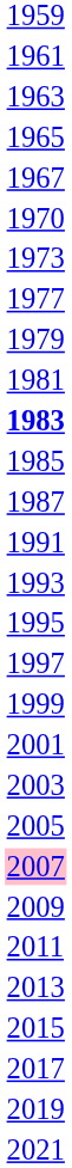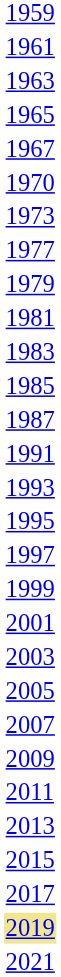 <table>
 <tr>
 <td><a href='#'>1959</a></td>
 <td></td>
 <td></td>
 <td></td>
 </tr>
 <tr>
 <td><a href='#'>1961</a></td>
 <td></td>
 <td></td>
 <td></td>
 </tr>
 <tr>
 <td><a href='#'>1963</a></td>
 <td></td>
 <td></td>
 <td></td>
 </tr>
 <tr>
 <td><a href='#'>1965</a></td>
 <td></td>
 <td></td>
 <td></td>
 </tr>
 <tr>
 <td><a href='#'>1967</a></td>
 <td></td>
 <td></td>
 <td></td>
 </tr>
 <tr>
 <td><a href='#'>1970</a></td>
 <td></td>
 <td></td>
 <td></td>
 </tr>
 <tr>
 <td><a href='#'>1973</a></td>
 <td></td>
 <td></td>
 <td></td>
 </tr>
 <tr>
 <td><a href='#'>1977</a></td>
 <td></td>
 <td></td>
 <td></td>
 </tr>
 <tr>
 <td><a href='#'>1979</a></td>
 <td></td>
 <td></td>
 <td></td>
 </tr>
 <tr>
 <td><a href='#'>1981</a></td>
 <td></td>
 <td></td>
 <td></td>
 </tr>
 <tr>
-<td><strong><a href='#'>1983</a></strong></td>
+<td><a href='#'>1983</a></td>
 <td></td>
 <td></td>
 <td></td>
 </tr>
 <tr>
 <td><a href='#'>1985</a></td>
 <td></td>
 <td></td>
 <td></td>
 </tr>
 <tr>
 <td><a href='#'>1987</a></td>
 <td></td>
 <td></td>
 <td></td>
 </tr>
 <tr>
 <td><a href='#'>1991</a></td>
 <td></td>
 <td></td>
 <td></td>
 </tr>
 <tr>
 <td><a href='#'>1993</a></td>
 <td></td>
 <td></td>
 <td></td>
 </tr>
 <tr>
 <td><a href='#'>1995</a></td>
 <td></td>
 <td></td>
 <td></td>
 </tr>
 <tr>
 <td><a href='#'>1997</a></td>
 <td></td>
 <td></td>
 <td></td>
 </tr>
 <tr>
 <td><a href='#'>1999</a></td>
 <td></td>
 <td></td>
 <td></td>
 </tr>
 <tr>
 <td><a href='#'>2001</a></td>
 <td></td>
 <td></td>
 <td></td>
 </tr>
 <tr>
 <td><a href='#'>2003</a></td>
 <td></td>
 <td></td>
 <td></td>
 </tr>
 <tr>
 <td><a href='#'>2005</a></td>
 <td></td>
 <td></td>
 <td></td>
 </tr>
 <tr>
-<td style="background: pink;"><a href='#'>2007</a></td>
+<td><a href='#'>2007</a></td>
 <td></td>
 <td></td>
 <td></td>
 </tr>
 <tr>
 <td><a href='#'>2009</a></td>
 <td></td>
 <td></td>
 <td></td>
 </tr>
 <tr>
 <td><a href='#'>2011</a></td>
 <td></td>
 <td></td>
 <td></td>
 </tr>
 <tr>
 <td><a href='#'>2013</a></td>
 <td></td>
 <td></td>
 <td></td>
 </tr>
 <tr>
 <td><a href='#'>2015</a></td>
 <td></td>
 <td></td>
 <td></td>
 </tr>
 <tr>
 <td><a href='#'>2017</a></td>
 <td></td>
 <td></td>
 <td></td>
 </tr>
 <tr>
-<td><a href='#'>2019</a></td>
+<td style="background: khaki;"><a href='#'>2019</a></td>
 <td></td>
 <td></td>
 <td></td>
 </tr>
 <tr>
 <td><a href='#'>2021</a></td>
 <td></td>
 <td></td>
 <td></td>
 </tr>
 </table>
